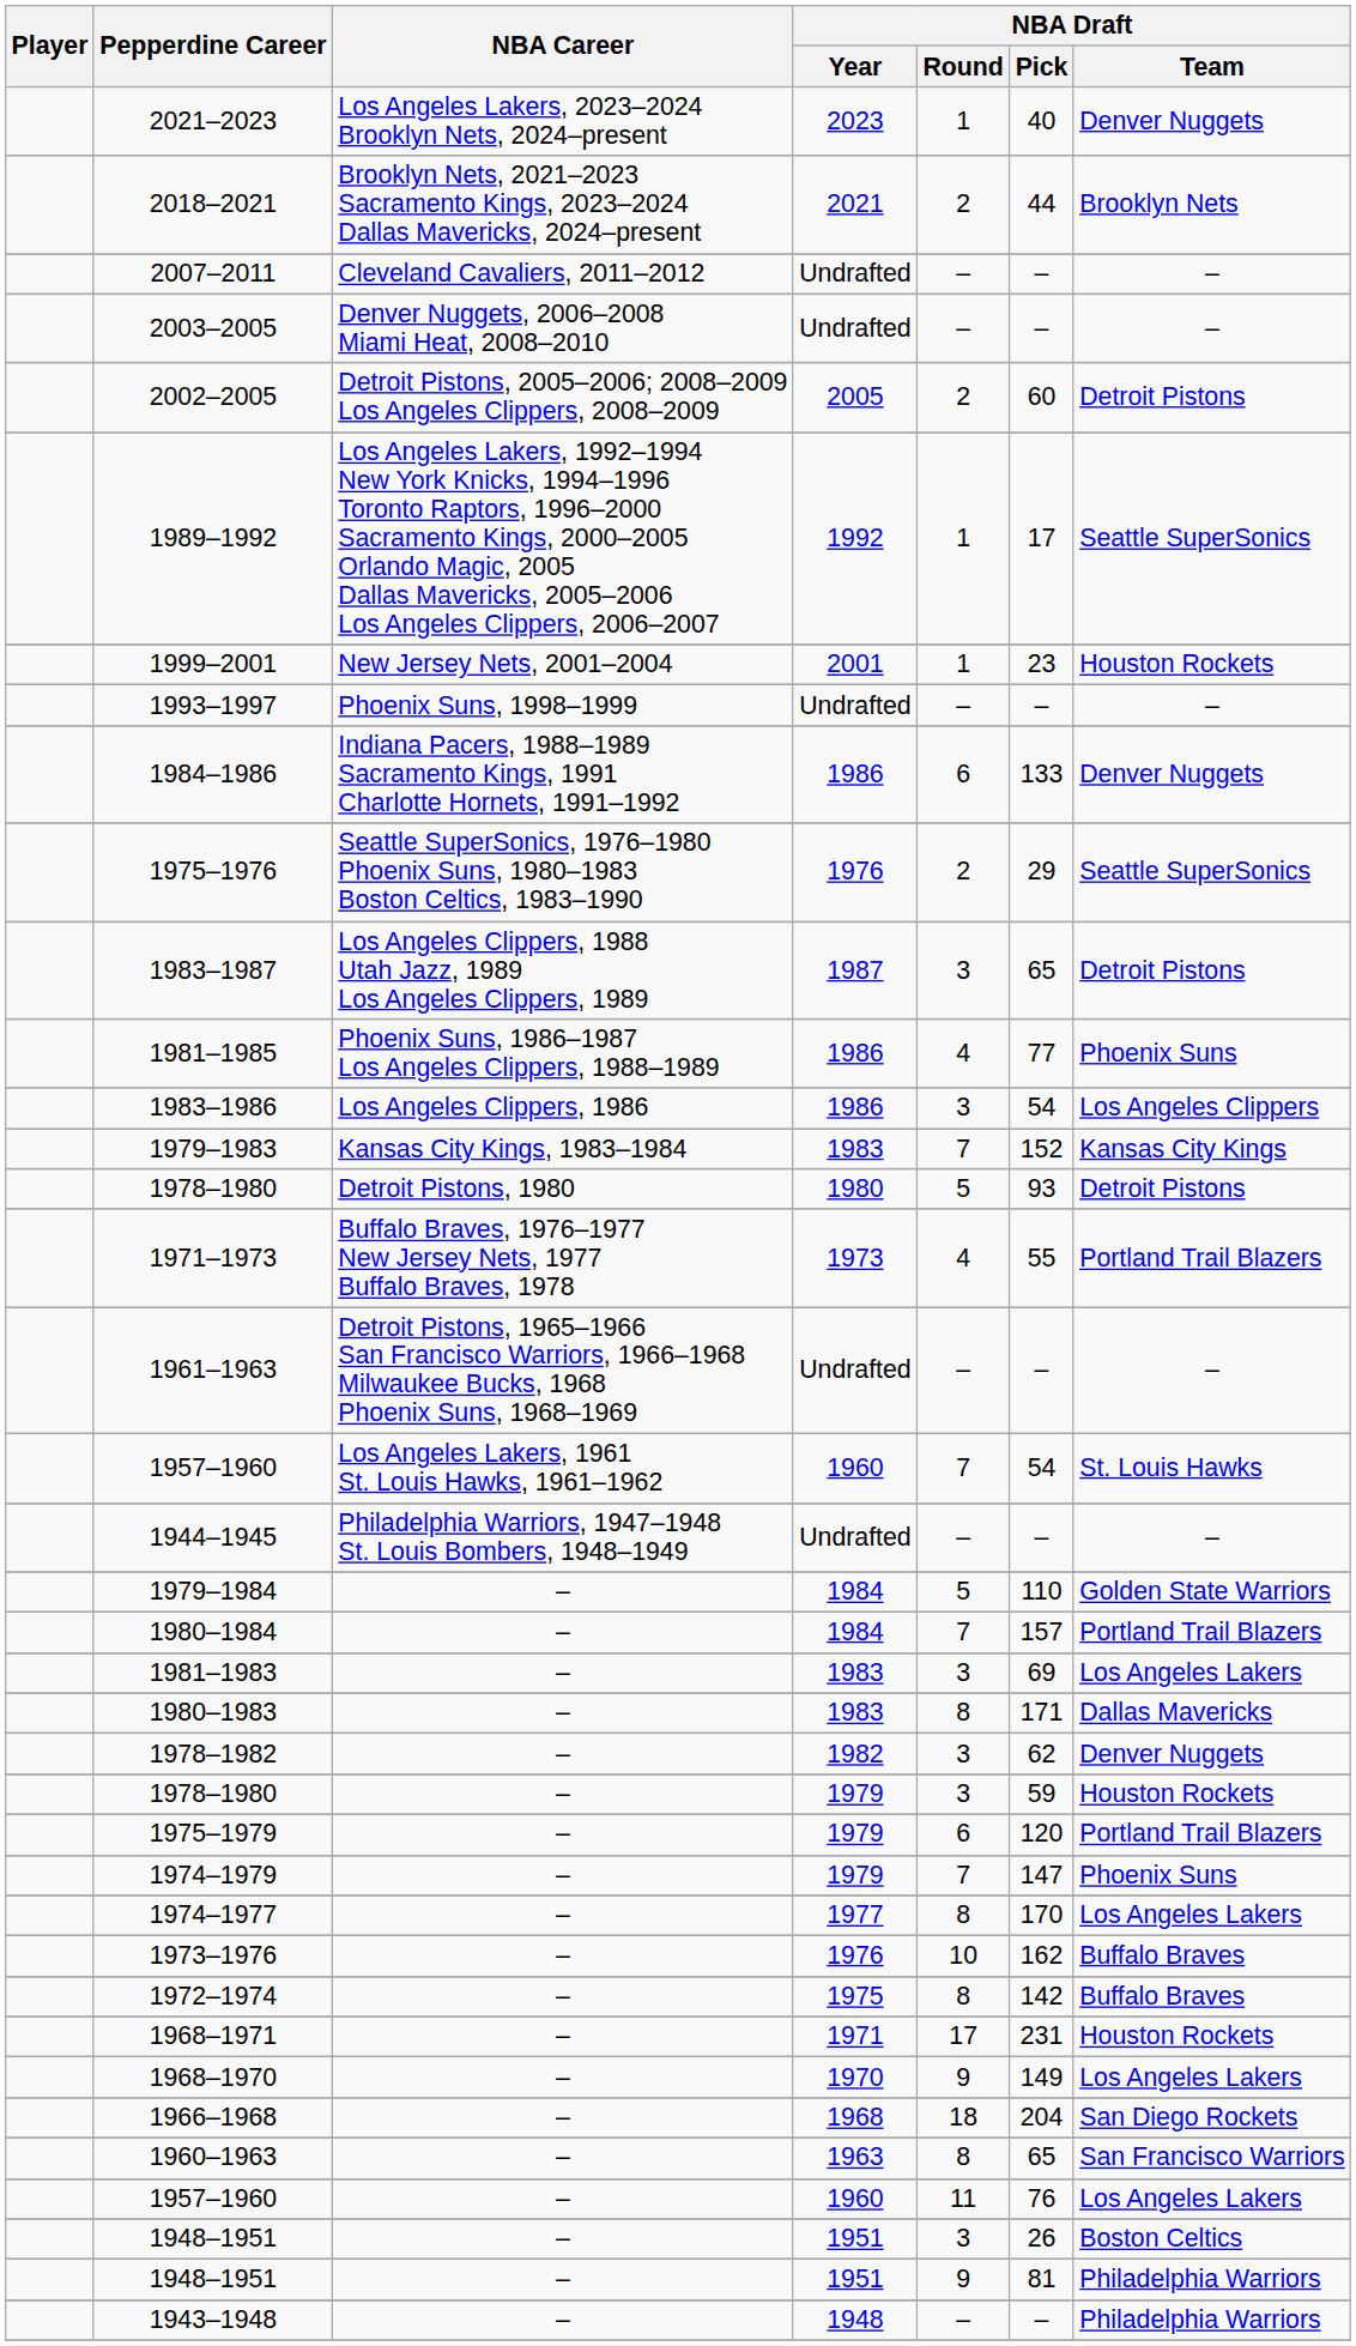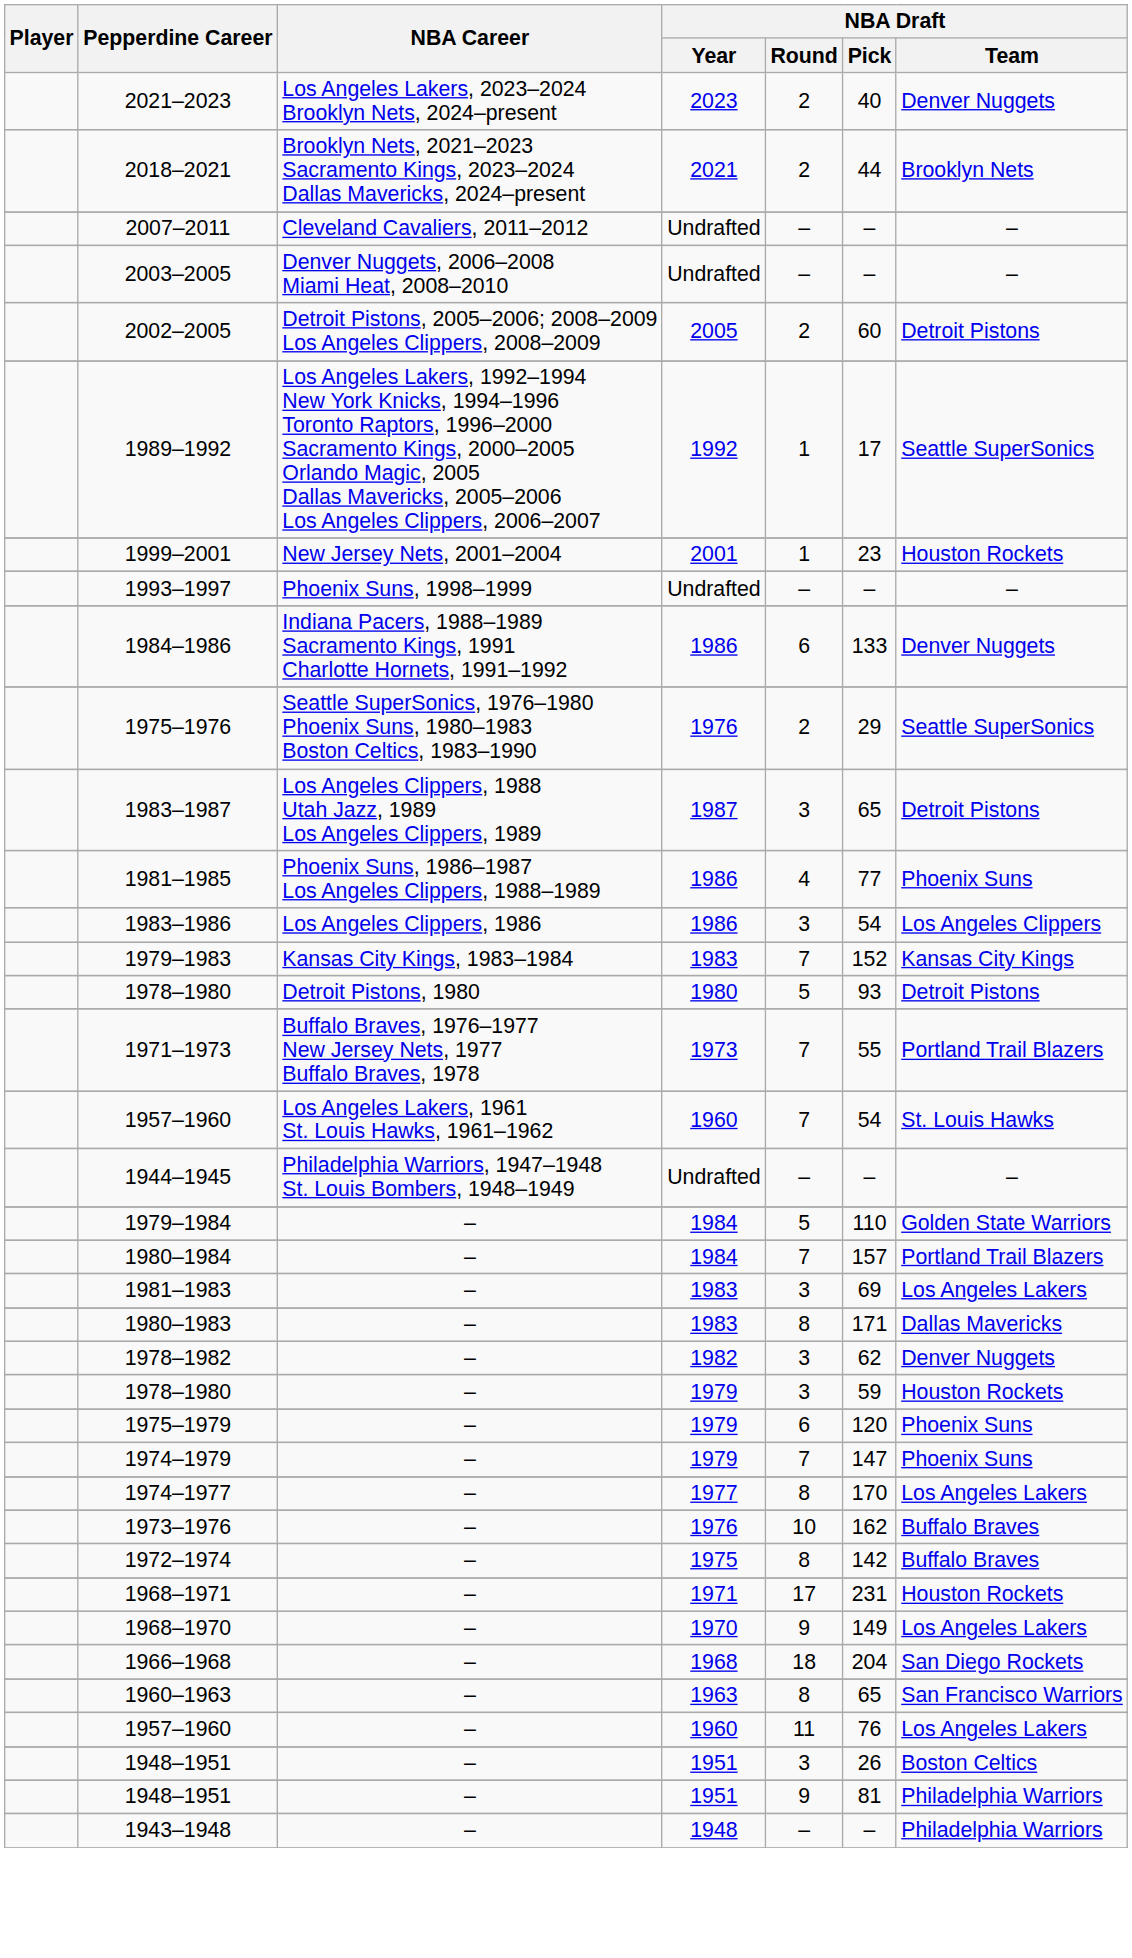 <table class="wikitable sortable" style="text-align:center">
 <tr>
 <th rowspan=2>Player</th>
 <th rowspan=2>Pepperdine Career</th>
 <th rowspan=2>NBA Career</th>
 <th colspan=4>NBA Draft</th>
 </tr>
 <tr>
 <th data-sort-type="number">Year</th>
 <th data-sort-type="number">Round</th>
 <th data-sort-type="number">Pick</th>
 <th data-sort-type="number">Team</th>
 </tr>
 <tr>
 <td style="text-align:left"></td>
 <td>2021–2023</td>
 <td style="text-align:left"><a href='#'>Los Angeles Lakers</a>, 2023–2024<br><a href='#'>Brooklyn Nets</a>, 2024–present</td>
 <td><a href='#'>2023</a></td>
-<td>1</td>
+<td>2</td>
 <td>40</td>
 <td style="text-align:left"><a href='#'>Denver Nuggets</a></td>
 </tr>
 <tr>
 </tr>
 <tr>
 <td style="text-align:left"></td>
 <td>2018–2021</td>
 <td style="text-align:left"><a href='#'>Brooklyn Nets</a>, 2021–2023<br><a href='#'>Sacramento Kings</a>, 2023–2024<br><a href='#'>Dallas Mavericks</a>, 2024–present</td>
 <td><a href='#'>2021</a></td>
 <td>2</td>
 <td>44</td>
 <td style="text-align:left"><a href='#'>Brooklyn Nets</a></td>
 </tr>
 <tr>
 </tr>
 <tr>
 <td style="text-align:left"></td>
 <td>2007–2011</td>
 <td style="text-align:left"><a href='#'>Cleveland Cavaliers</a>, 2011–2012</td>
 <td>Undrafted</td>
 <td>–</td>
 <td>–</td>
 <td>–</td>
 </tr>
 <tr>
 </tr>
 <tr>
 <td style="text-align:left"></td>
 <td>2003–2005</td>
 <td style="text-align:left"><a href='#'>Denver Nuggets</a>, 2006–2008<br><a href='#'>Miami Heat</a>, 2008–2010</td>
 <td>Undrafted</td>
 <td>–</td>
 <td>–</td>
 <td>–</td>
 </tr>
 <tr>
 </tr>
 <tr>
 <td style="text-align:left"></td>
 <td>2002–2005</td>
 <td style="text-align:left"><a href='#'>Detroit Pistons</a>, 2005–2006; 2008–2009<br><a href='#'>Los Angeles Clippers</a>, 2008–2009</td>
 <td><a href='#'>2005</a></td>
 <td>2</td>
 <td>60</td>
 <td style="text-align:left"><a href='#'>Detroit Pistons</a></td>
 </tr>
 <tr>
 </tr>
 <tr>
 <td style="text-align:left"></td>
 <td>1989–1992</td>
 <td style="text-align:left"><a href='#'>Los Angeles Lakers</a>, 1992–1994<br><a href='#'>New York Knicks</a>, 1994–1996<br><a href='#'>Toronto Raptors</a>, 1996–2000<br><a href='#'>Sacramento Kings</a>, 2000–2005<br><a href='#'>Orlando Magic</a>, 2005<br><a href='#'>Dallas Mavericks</a>, 2005–2006<br><a href='#'>Los Angeles Clippers</a>, 2006–2007</td>
 <td><a href='#'>1992</a></td>
 <td>1</td>
 <td>17</td>
 <td style="text-align:left"><a href='#'>Seattle SuperSonics</a></td>
 </tr>
 <tr>
 </tr>
 <tr>
 <td style="text-align:left"></td>
 <td>1999–2001</td>
 <td style="text-align:left"><a href='#'>New Jersey Nets</a>, 2001–2004</td>
 <td><a href='#'>2001</a></td>
 <td>1</td>
 <td>23</td>
 <td style="text-align:left"><a href='#'>Houston Rockets</a></td>
 </tr>
 <tr>
 </tr>
 <tr>
 <td style="text-align:left"></td>
 <td>1993–1997</td>
 <td style="text-align:left"><a href='#'>Phoenix Suns</a>, 1998–1999</td>
 <td>Undrafted</td>
 <td>–</td>
 <td>–</td>
 <td>–</td>
 </tr>
 <tr>
 </tr>
 <tr>
 <td style="text-align:left"></td>
 <td>1984–1986</td>
 <td style="text-align:left"><a href='#'>Indiana Pacers</a>, 1988–1989<br><a href='#'>Sacramento Kings</a>, 1991<br><a href='#'>Charlotte Hornets</a>, 1991–1992</td>
 <td><a href='#'>1986</a></td>
 <td>6</td>
 <td>133</td>
 <td style="text-align:left"><a href='#'>Denver Nuggets</a></td>
 </tr>
 <tr>
 </tr>
 <tr>
 <td style="text-align:left"></td>
 <td>1975–1976</td>
 <td style="text-align:left"><a href='#'>Seattle SuperSonics</a>, 1976–1980<br><a href='#'>Phoenix Suns</a>, 1980–1983<br><a href='#'>Boston Celtics</a>, 1983–1990</td>
 <td><a href='#'>1976</a></td>
 <td>2</td>
 <td>29</td>
 <td style="text-align:left"><a href='#'>Seattle SuperSonics</a></td>
 </tr>
 <tr>
 </tr>
 <tr>
 <td style="text-align:left"></td>
 <td>1983–1987</td>
 <td style="text-align:left"><a href='#'>Los Angeles Clippers</a>, 1988<br><a href='#'>Utah Jazz</a>, 1989<br><a href='#'>Los Angeles Clippers</a>, 1989</td>
 <td><a href='#'>1987</a></td>
 <td>3</td>
 <td>65</td>
 <td style="text-align:left"><a href='#'>Detroit Pistons</a></td>
 </tr>
 <tr>
 </tr>
 <tr>
 <td style="text-align:left"></td>
 <td>1981–1985</td>
 <td style="text-align:left"><a href='#'>Phoenix Suns</a>, 1986–1987<br><a href='#'>Los Angeles Clippers</a>, 1988–1989</td>
 <td><a href='#'>1986</a></td>
 <td>4</td>
 <td>77</td>
 <td style="text-align:left"><a href='#'>Phoenix Suns</a></td>
 </tr>
 <tr>
 </tr>
 <tr>
 <td style="text-align:left"></td>
 <td>1983–1986</td>
 <td style="text-align:left"><a href='#'>Los Angeles Clippers</a>, 1986</td>
 <td><a href='#'>1986</a></td>
 <td>3</td>
 <td>54</td>
 <td style="text-align:left"><a href='#'>Los Angeles Clippers</a></td>
 </tr>
 <tr>
 </tr>
 <tr>
 <td style="text-align:left"></td>
 <td>1979–1983</td>
 <td style="text-align:left"><a href='#'>Kansas City Kings</a>, 1983–1984</td>
 <td><a href='#'>1983</a></td>
 <td>7</td>
 <td>152</td>
 <td style="text-align:left"><a href='#'>Kansas City Kings</a></td>
 </tr>
 <tr>
 </tr>
 <tr>
 <td style="text-align:left"></td>
 <td>1978–1980</td>
 <td style="text-align:left"><a href='#'>Detroit Pistons</a>, 1980</td>
 <td><a href='#'>1980</a></td>
 <td>5</td>
 <td>93</td>
 <td style="text-align:left"><a href='#'>Detroit Pistons</a></td>
 </tr>
 <tr>
 </tr>
 <tr>
 <td style="text-align:left"></td>
 <td>1971–1973</td>
 <td style="text-align:left"><a href='#'>Buffalo Braves</a>, 1976–1977<br><a href='#'>New Jersey Nets</a>, 1977<br><a href='#'>Buffalo Braves</a>, 1978</td>
 <td><a href='#'>1973</a></td>
-<td>4</td>
+<td>7</td>
 <td>55</td>
 <td style="text-align:left"><a href='#'>Portland Trail Blazers</a></td>
 </tr>
 <tr>
-</tr>
-<tr>
-<td style="text-align:left"></td>
-<td>1961–1963</td>
-<td style="text-align:left"><a href='#'>Detroit Pistons</a>, 1965–1966<br><a href='#'>San Francisco Warriors</a>, 1966–1968<br><a href='#'>Milwaukee Bucks</a>, 1968<br><a href='#'>Phoenix Suns</a>, 1968–1969</td>
-<td>Undrafted</td>
-<td>–</td>
-<td>–</td>
-<td>–</td>
 </tr>
 <tr>
 </tr>
 <tr>
 <td style="text-align:left"></td>
 <td>1957–1960</td>
 <td style="text-align:left"><a href='#'>Los Angeles Lakers</a>, 1961<br><a href='#'>St. Louis Hawks</a>, 1961–1962</td>
 <td><a href='#'>1960</a></td>
 <td>7</td>
 <td>54</td>
 <td style="text-align:left"><a href='#'>St. Louis Hawks</a></td>
 </tr>
 <tr>
 </tr>
 <tr>
 <td style="text-align:left"></td>
 <td>1944–1945</td>
 <td style="text-align:left"><a href='#'>Philadelphia Warriors</a>, 1947–1948<br><a href='#'>St. Louis Bombers</a>, 1948–1949</td>
 <td>Undrafted</td>
 <td>–</td>
 <td>–</td>
 <td>–</td>
 </tr>
 <tr>
 </tr>
 <tr>
 <td style="text-align:left"></td>
 <td>1979–1984</td>
 <td>–</td>
 <td><a href='#'>1984</a></td>
 <td>5</td>
 <td>110</td>
 <td style="text-align:left"><a href='#'>Golden State Warriors</a></td>
 </tr>
 <tr>
 </tr>
 <tr>
 <td style="text-align:left"></td>
 <td>1980–1984</td>
 <td>–</td>
 <td><a href='#'>1984</a></td>
 <td>7</td>
 <td>157</td>
 <td style="text-align:left"><a href='#'>Portland Trail Blazers</a></td>
 </tr>
 <tr>
 </tr>
 <tr>
 <td style="text-align:left"></td>
 <td>1981–1983</td>
 <td>–</td>
 <td><a href='#'>1983</a></td>
 <td>3</td>
 <td>69</td>
 <td style="text-align:left"><a href='#'>Los Angeles Lakers</a></td>
 </tr>
 <tr>
 </tr>
 <tr>
 <td style="text-align:left"></td>
 <td>1980–1983</td>
 <td>–</td>
 <td><a href='#'>1983</a></td>
 <td>8</td>
 <td>171</td>
 <td style="text-align:left"><a href='#'>Dallas Mavericks</a></td>
 </tr>
 <tr>
 </tr>
 <tr>
 <td style="text-align:left"></td>
 <td>1978–1982</td>
 <td>–</td>
 <td><a href='#'>1982</a></td>
 <td>3</td>
 <td>62</td>
 <td style="text-align:left"><a href='#'>Denver Nuggets</a></td>
 </tr>
 <tr>
 </tr>
 <tr>
 <td style="text-align:left"></td>
 <td>1978–1980</td>
 <td>–</td>
 <td><a href='#'>1979</a></td>
 <td>3</td>
 <td>59</td>
 <td style="text-align:left"><a href='#'>Houston Rockets</a></td>
 </tr>
 <tr>
 </tr>
 <tr>
 <td style="text-align:left"></td>
 <td>1975–1979</td>
 <td>–</td>
 <td><a href='#'>1979</a></td>
 <td>6</td>
 <td>120</td>
-<td style="text-align:left"><a href='#'>Portland Trail Blazers</a></td>
+<td style="text-align:left"><a href='#'>Phoenix Suns</a></td>
 </tr>
 <tr>
 </tr>
 <tr>
 <td style="text-align:left"></td>
 <td>1974–1979</td>
 <td>–</td>
 <td><a href='#'>1979</a></td>
 <td>7</td>
 <td>147</td>
 <td style="text-align:left"><a href='#'>Phoenix Suns</a></td>
 </tr>
 <tr>
 </tr>
 <tr>
 <td style="text-align:left"></td>
 <td>1974–1977</td>
 <td>–</td>
 <td><a href='#'>1977</a></td>
 <td>8</td>
 <td>170</td>
 <td style="text-align:left"><a href='#'>Los Angeles Lakers</a></td>
 </tr>
 <tr>
 </tr>
 <tr>
 <td style="text-align:left"></td>
 <td>1973–1976</td>
 <td>–</td>
 <td><a href='#'>1976</a></td>
 <td>10</td>
 <td>162</td>
 <td style="text-align:left"><a href='#'>Buffalo Braves</a></td>
 </tr>
 <tr>
 </tr>
 <tr>
 <td style="text-align:left"></td>
 <td>1972–1974</td>
 <td>–</td>
 <td><a href='#'>1975</a></td>
 <td>8</td>
 <td>142</td>
 <td style="text-align:left"><a href='#'>Buffalo Braves</a></td>
 </tr>
 <tr>
 </tr>
 <tr>
 <td style="text-align:left"></td>
 <td>1968–1971</td>
 <td>–</td>
 <td><a href='#'>1971</a></td>
 <td>17</td>
 <td>231</td>
 <td style="text-align:left"><a href='#'>Houston Rockets</a></td>
 </tr>
 <tr>
 </tr>
 <tr>
 <td style="text-align:left"></td>
 <td>1968–1970</td>
 <td>–</td>
 <td><a href='#'>1970</a></td>
 <td>9</td>
 <td>149</td>
 <td style="text-align:left"><a href='#'>Los Angeles Lakers</a></td>
 </tr>
 <tr>
 </tr>
 <tr>
 <td style="text-align:left"></td>
 <td>1966–1968</td>
 <td>–</td>
 <td><a href='#'>1968</a></td>
 <td>18</td>
 <td>204</td>
 <td style="text-align:left"><a href='#'>San Diego Rockets</a></td>
 </tr>
 <tr>
 </tr>
 <tr>
 <td style="text-align:left"></td>
 <td>1960–1963</td>
 <td>–</td>
 <td><a href='#'>1963</a></td>
 <td>8</td>
 <td>65</td>
 <td style="text-align:left"><a href='#'>San Francisco Warriors</a></td>
 </tr>
 <tr>
 </tr>
 <tr>
 <td style="text-align:left"></td>
 <td>1957–1960</td>
 <td>–</td>
 <td><a href='#'>1960</a></td>
 <td>11</td>
 <td>76</td>
 <td style="text-align:left"><a href='#'>Los Angeles Lakers</a></td>
 </tr>
 <tr>
 </tr>
 <tr>
 <td style="text-align:left"></td>
 <td>1948–1951</td>
 <td>–</td>
 <td><a href='#'>1951</a></td>
 <td>3</td>
 <td>26</td>
 <td style="text-align:left"><a href='#'>Boston Celtics</a></td>
 </tr>
 <tr>
 </tr>
 <tr>
 <td style="text-align:left"></td>
 <td>1948–1951</td>
 <td>–</td>
 <td><a href='#'>1951</a></td>
 <td>9</td>
 <td>81</td>
 <td style="text-align:left"><a href='#'>Philadelphia Warriors</a></td>
 </tr>
 <tr>
 </tr>
 <tr>
 <td style="text-align:left"></td>
 <td>1943–1948</td>
 <td>–</td>
 <td><a href='#'>1948</a></td>
 <td>–</td>
 <td>–</td>
 <td style="text-align:left"><a href='#'>Philadelphia Warriors</a></td>
 </tr>
 <tr>
 </tr>
 </table>
